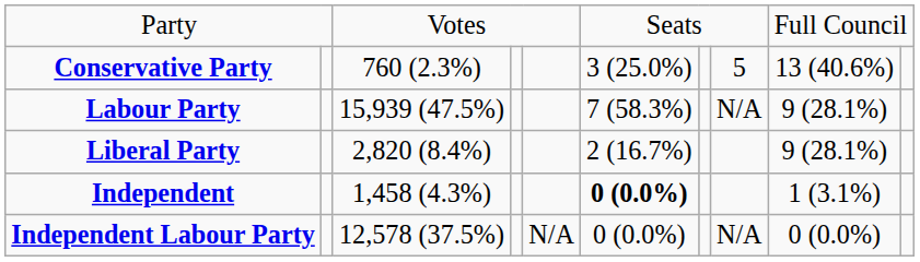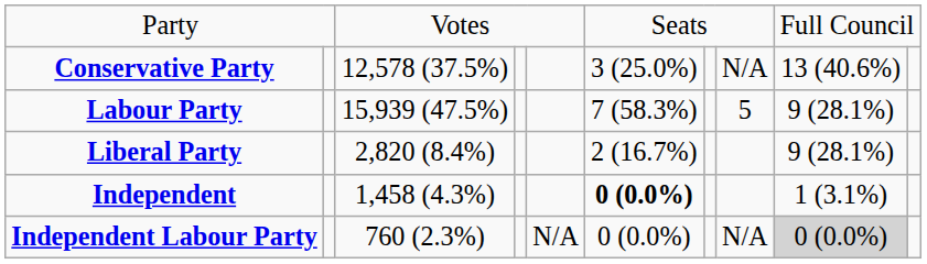 <table class=wikitable style="text-align:center;">
 <tr>
 <td colspan=2>Party</td>
 <td colspan=3>Votes</td>
 <td colspan=3>Seats</td>
 <td colspan=3>Full Council</td>
 </tr>
 <tr>
 <td><strong><a href='#'>Conservative Party</a></strong></td>
 <td style="background:"></td>
-<td>760 (2.3%)</td>
+<td>12,578 (37.5%)</td>
 <td></td>
 <td></td>
 <td>3 (25.0%)</td>
 <td></td>
-<td> 5</td>
+<td>N/A</td>
 <td>13 (40.6%)</td>
 <td></td>
 </tr>
 <tr>
 <td><strong><a href='#'>Labour Party</a></strong></td>
 <td style="background:"></td>
 <td>15,939 (47.5%)</td>
 <td></td>
 <td></td>
 <td>7 (58.3%)</td>
 <td></td>
-<td>N/A</td>
+<td> 5</td>
 <td>9 (28.1%)</td>
 <td></td>
 </tr>
 <tr>
 <td><strong><a href='#'>Liberal Party</a></strong></td>
 <td style="background:"></td>
 <td>2,820 (8.4%)</td>
 <td></td>
 <td></td>
 <td>2  (16.7%)</td>
 <td></td>
 <td></td>
 <td>9 (28.1%)</td>
 <td></td>
 </tr>
 <tr>
 <td><strong><a href='#'>Independent</a></strong></td>
 <td style="background:"></td>
 <td>1,458 (4.3%)</td>
 <td></td>
 <td></td>
 <td><strong>0 (0.0%)</strong></td>
 <td></td>
 <td></td>
 <td>1 (3.1%)</td>
 <td></td>
 </tr>
 <tr>
 <td><strong><a href='#'>Independent Labour Party</a></strong></td>
 <td style="background:"></td>
-<td>12,578 (37.5%)</td>
+<td>760 (2.3%)</td>
 <td></td>
 <td>N/A</td>
 <td>0 (0.0%)</td>
 <td></td>
 <td>N/A</td>
-<td>0 (0.0%)</td>
+<td style="background: lightgrey;">0 (0.0%)</td>
 <td></td>
 </tr>
 </table>
